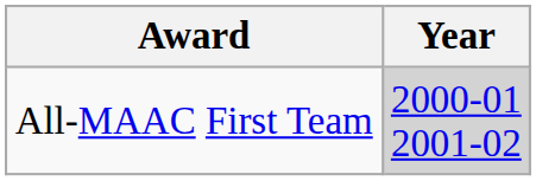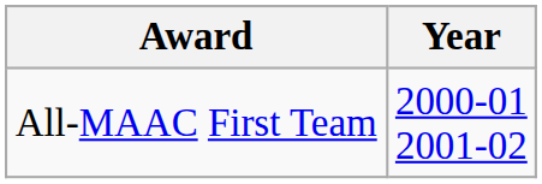 <table class="wikitable">
 <tr>
 <th>Award</th>
 <th>Year</th>
 </tr>
 <tr>
 <td>All-<a href='#'>MAAC</a> <a href='#'>First Team</a></td>
-<td style="background: lightgrey;"><a href='#'>2000-01</a><br><a href='#'>2001-02</a></td>
+<td><a href='#'>2000-01</a><br><a href='#'>2001-02</a></td>
 </tr>
 </table>
